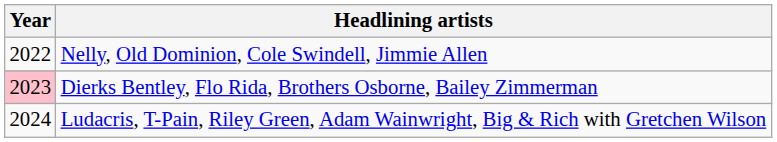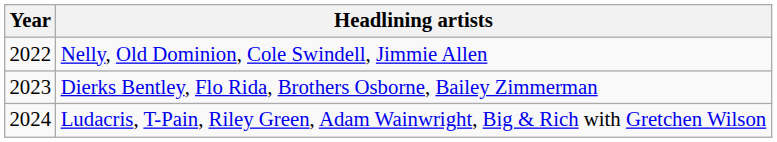 <table class="wikitable">
 <tr>
 <th>Year</th>
 <th>Headlining artists</th>
 </tr>
 <tr>
 <td>2022</td>
 <td><a href='#'>Nelly</a>, <a href='#'>Old Dominion</a>, <a href='#'>Cole Swindell</a>, <a href='#'>Jimmie Allen</a></td>
 </tr>
 <tr>
-<td style="background: pink;">2023</td>
+<td>2023</td>
 <td><a href='#'>Dierks Bentley</a>, <a href='#'>Flo Rida</a>, <a href='#'>Brothers Osborne</a>, <a href='#'>Bailey Zimmerman</a></td>
 </tr>
 <tr>
 <td>2024</td>
 <td><a href='#'>Ludacris</a>, <a href='#'>T-Pain</a>, <a href='#'>Riley Green</a>, <a href='#'>Adam Wainwright</a>, <a href='#'>Big & Rich</a> with <a href='#'>Gretchen Wilson</a></td>
 </tr>
 </table>
